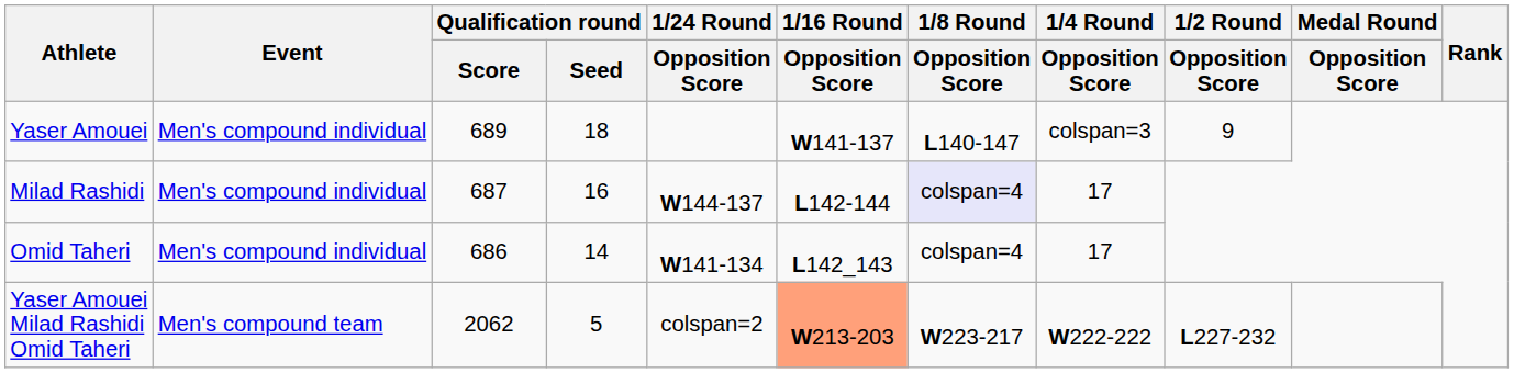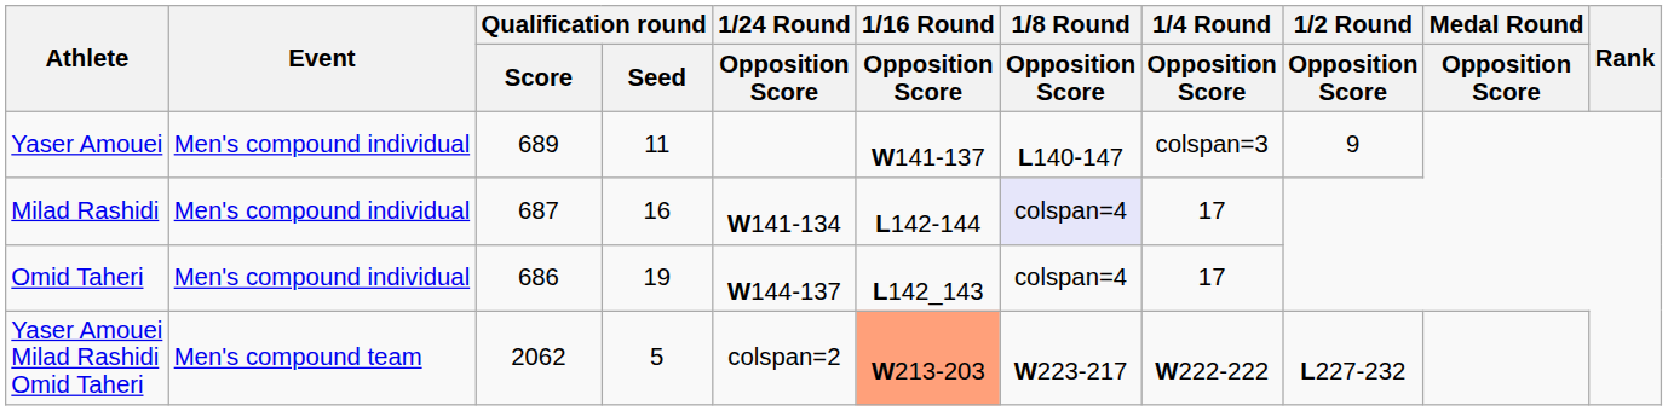 <table class="wikitable">
 <tr>
 <th rowspan="2">Athlete</th>
 <th rowspan="2">Event</th>
 <th colspan="2">Qualification round</th>
 <th>1/24 Round</th>
 <th>1/16 Round</th>
 <th>1/8 Round</th>
 <th>1/4 Round</th>
 <th>1/2 Round</th>
 <th>Medal Round</th>
 <th rowspan=2>Rank</th>
 </tr>
 <tr>
 <th>Score</th>
 <th>Seed</th>
 <th>Opposition<br>Score</th>
 <th>Opposition<br>Score</th>
 <th>Opposition<br>Score</th>
 <th>Opposition<br>Score</th>
 <th>Opposition<br>Score</th>
 <th>Opposition<br>Score</th>
 </tr>
 <tr align=center>
 <td align=left><a href='#'>Yaser Amouei</a></td>
 <td align=left><a href='#'>Men's compound individual</a></td>
 <td>689</td>
-<td>18</td>
+<td>11</td>
 <td></td>
 <td><br><strong>W</strong>141-137</td>
 <td><br><strong>L</strong>140-147</td>
 <td>colspan=3 </td>
 <td>9</td>
 </tr>
 <tr align=center>
 <td align=left><a href='#'>Milad Rashidi</a></td>
 <td align=left><a href='#'>Men's compound individual</a></td>
 <td>687</td>
 <td>16</td>
-<td><br><strong>W</strong>144-137</td>
+<td><br><strong>W</strong>141-134</td>
 <td><br><strong>L</strong>142-144</td>
 <td style="background: lavender;">colspan=4 </td>
 <td>17</td>
 </tr>
 <tr align=center>
 <td align=left><a href='#'>Omid Taheri</a></td>
 <td align=left><a href='#'>Men's compound individual</a></td>
 <td>686</td>
-<td>14</td>
-<td><br><strong>W</strong>141-134</td>
+<td>19</td>
+<td><br><strong>W</strong>144-137</td>
 <td><br><strong>L</strong>142_143</td>
 <td>colspan=4 </td>
 <td>17</td>
 </tr>
 <tr align=center>
 <td align=left><a href='#'>Yaser Amouei</a><br><a href='#'>Milad Rashidi</a><br><a href='#'>Omid Taheri</a></td>
 <td align=left><a href='#'>Men's compound team</a></td>
 <td>2062</td>
 <td>5</td>
 <td>colspan=2 </td>
 <td style="background: lightsalmon;"><br><strong>W</strong>213-203</td>
 <td><br><strong>W</strong>223-217</td>
 <td><br><strong>W</strong>222-222</td>
 <td><br><strong>L</strong>227-232</td>
 <td></td>
 </tr>
 </table>
